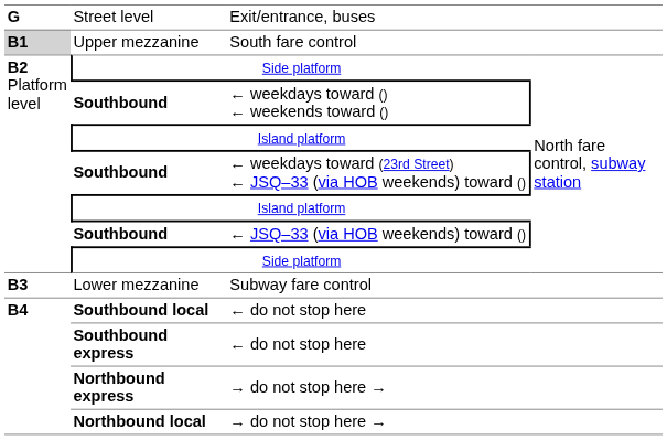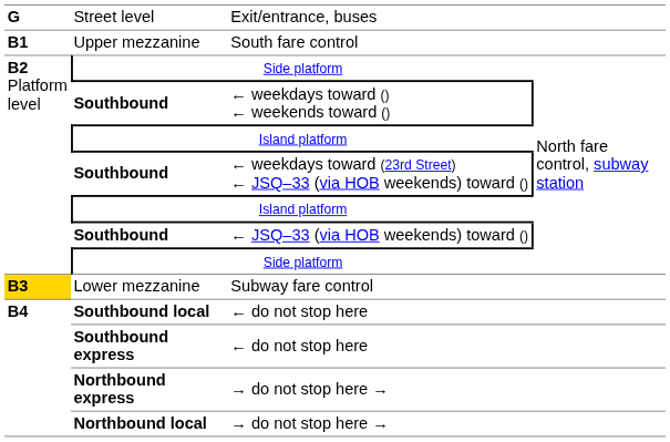 <table table border=0 cellspacing=0 cellpadding=3>
 <tr>
 <td style="border-top:solid 1px gray;" width=50><strong>G</strong></td>
 <td style="border-top:solid 1px gray;" width=150>Street level</td>
 <td style="border-top:solid 1px gray;" width=400 colspan=2>Exit/entrance, buses</td>
 </tr>
 <tr>
-<td style="background: lightgrey; border-top:solid 1px gray;"><strong>B1</strong></td>
+<td style="border-top:solid 1px gray;"><strong>B1</strong></td>
 <td style="border-top:solid 1px gray;">Upper mezzanine</td>
 <td style="border-top:solid 1px gray;" colspan=2>South fare control</td>
 </tr>
 <tr>
 <td style="border-top:solid 1px gray;border-bottom:solid 1px gray;" rowspan=7 valign=top><strong>B2</strong><br>Platform level</td>
 <td style="border-top:solid 1px gray;border-right:solid 0px black;border-left:solid 2px black;border-bottom:solid 2px black;text-align:center;" colspan=2><small><a href='#'>Side platform</a> </small></td>
 <td style="border-top:solid 1px gray;border-bottom:solid 1px gray;" rowspan=7 width=125>North fare control, <a href='#'>subway station</a></td>
 </tr>
 <tr>
 <td><strong>Southbound</strong></td>
 <td style="border-right:solid 2px black;">←  weekdays toward  <small>()</small><br>←  weekends toward  <small>()</small></td>
 </tr>
 <tr>
 <td style="border-top:solid 2px black;border-right:solid 0px black;border-left:solid 2px black;border-bottom:solid 2px black;text-align:center;" colspan=2><small><a href='#'>Island platform</a> </small></td>
 </tr>
 <tr>
 <td><strong>Southbound</strong></td>
 <td style="border-right:solid 2px black;">←  weekdays toward  <small>(<a href='#'>23rd Street</a>)</small><br>←   <a href='#'>JSQ–33</a> (<a href='#'>via HOB</a> weekends) toward  <small>()</small></td>
 </tr>
 <tr>
 <td style="border-top:solid 2px black;border-right:solid 0px black;border-left:solid 2px black;border-bottom:solid 2px black;" colspan=2 align=center><small><a href='#'>Island platform</a> </small></td>
 </tr>
 <tr>
 <td><strong>Southbound</strong></td>
 <td style="border-right:solid 2px black;">←   <a href='#'>JSQ–33</a> (<a href='#'>via HOB</a> weekends) toward  <small>()</small></td>
 </tr>
 <tr>
 <td style="border-bottom:solid 1px gray;border-top:solid 2px black;border-right:solid 0px black;border-left:solid 2px black;text-align:center;" colspan=2><small><a href='#'>Side platform</a> </small></td>
 </tr>
 <tr>
-<td style="border-bottom:solid 1px gray;"><strong>B3</strong></td>
+<td style="background: gold; border-bottom:solid 1px gray;"><strong>B3</strong></td>
 <td style="border-bottom:solid 1px gray;">Lower mezzanine</td>
 <td style="border-bottom:solid 1px gray;" colspan=2>Subway fare control</td>
 </tr>
 <tr>
 <td style="border-bottom:solid 1px gray;" rowspan=4 valign=top><strong>B4</strong></td>
 <td style="border-bottom:solid 1px gray;"><span><strong>Southbound local</strong></span></td>
 <td style="border-bottom:solid 1px gray;" colspan=2>←  do not stop here</td>
 </tr>
 <tr>
 <td style="border-bottom:solid 1px gray;"><span><strong>Southbound express</strong></span></td>
 <td style="border-bottom:solid 1px gray;" colspan=2>←  do not stop here</td>
 </tr>
 <tr>
 <td style="border-bottom:solid 1px gray;"><span><strong>Northbound express</strong></span></td>
 <td style="border-bottom:solid 1px gray;" colspan=2><span>→</span>  do not stop here →</td>
 </tr>
 <tr>
 <td style="border-bottom:solid 1px gray;"><span><strong>Northbound local</strong></span></td>
 <td style="border-bottom:solid 1px gray;" colspan=2><span>→</span>  do not stop here →</td>
 </tr>
 </table>
